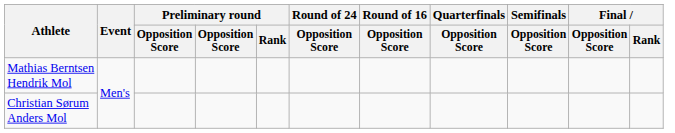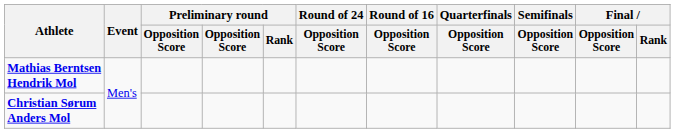 <table class=wikitable style=font-size:90%;text-align:center>
 <tr>
 <th rowspan=2>Athlete</th>
 <th rowspan=2>Event</th>
 <th colspan=3>Preliminary round</th>
 <th>Round of 24</th>
 <th>Round of 16</th>
 <th>Quarterfinals</th>
 <th>Semifinals</th>
 <th colspan=2>Final / </th>
 </tr>
 <tr style=font-size:95%>
 <th>Opposition<br>Score</th>
 <th>Opposition<br>Score</th>
 <th>Rank</th>
 <th>Opposition<br>Score</th>
 <th>Opposition<br>Score</th>
 <th>Opposition<br>Score</th>
 <th>Opposition<br>Score</th>
 <th>Opposition<br>Score</th>
 <th>Rank</th>
 </tr>
 <tr>
-<td align=left><a href='#'>Mathias Berntsen</a><br><a href='#'>Hendrik Mol</a></td>
+<td align=left><strong><a href='#'>Mathias Berntsen</a><br><a href='#'>Hendrik Mol</a></strong></td>
 <td align=left rowspan=2><a href='#'>Men's</a></td>
 <td></td>
 <td></td>
 <td></td>
 <td></td>
 <td></td>
 <td></td>
 <td></td>
 <td></td>
 <td></td>
 </tr>
 <tr>
-<td align=left><a href='#'>Christian Sørum</a><br><a href='#'>Anders Mol</a></td>
+<td align=left><strong><a href='#'>Christian Sørum</a><br><a href='#'>Anders Mol</a></strong></td>
 <td></td>
 <td></td>
 <td></td>
 <td></td>
 <td></td>
 <td></td>
 <td></td>
 <td></td>
 <td></td>
 </tr>
 </table>
